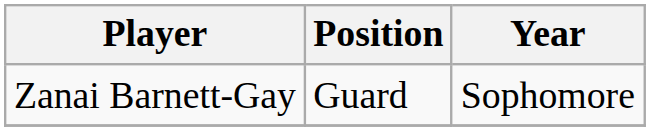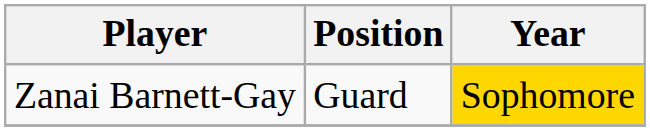 <table class="wikitable" border="1">
 <tr align=center>
 <th>Player</th>
 <th>Position</th>
 <th>Year</th>
 </tr>
 <tr>
 <td>Zanai Barnett-Gay</td>
 <td>Guard</td>
-<td>Sophomore</td>
+<td style="background: gold;">Sophomore</td>
 </tr>
 <tr>
 </tr>
 </table>
